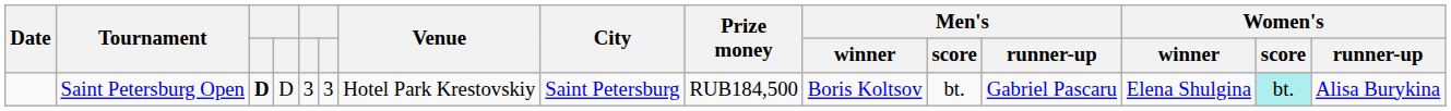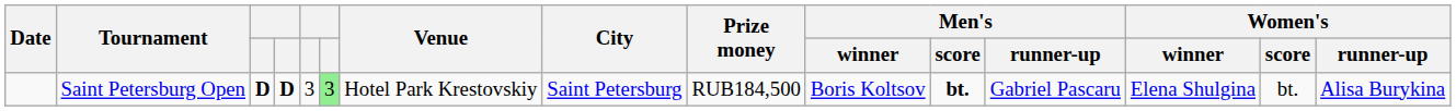 <table class="wikitable sortable" style="font-size: 85%">
 <tr>
 <th rowspan="2">Date</th>
 <th rowspan="2">Tournament</th>
 <th colspan="2"></th>
 <th colspan="2"></th>
 <th rowspan="2">Venue</th>
 <th rowspan="2">City</th>
 <th rowspan="2" class=unsortable>Prize<br>money</th>
 <th colspan="3">Men's</th>
 <th colspan="3">Women's</th>
 </tr>
 <tr>
 <th></th>
 <th></th>
 <th></th>
 <th></th>
 <th>winner</th>
 <th>score</th>
 <th>runner-up</th>
 <th>winner</th>
 <th>score</th>
 <th>runner-up</th>
 </tr>
 <tr>
 <td></td>
 <td><a href='#'>Saint Petersburg Open</a></td>
 <td align="center"><strong>D</strong></td>
-<td align="center">D</td>
+<td align="center"><strong>D</strong></td>
 <td align="center">3</td>
-<td align="center">3</td>
+<td align="center" style="background: lightgreen;">3</td>
 <td>Hotel Park Krestovskiy</td>
 <td> <a href='#'>Saint Petersburg</a></td>
 <td>RUB184,500</td>
 <td> <a href='#'>Boris Koltsov</a></td>
-<td align="center">bt.</td>
+<td align="center"><strong>bt.</strong></td>
 <td> <a href='#'>Gabriel Pascaru</a></td>
 <td> <a href='#'>Elena Shulgina</a></td>
-<td align="center" style="background: paleturquoise;">bt.</td>
+<td align="center">bt.</td>
 <td> <a href='#'>Alisa Burykina</a></td>
 </tr>
 </table>
